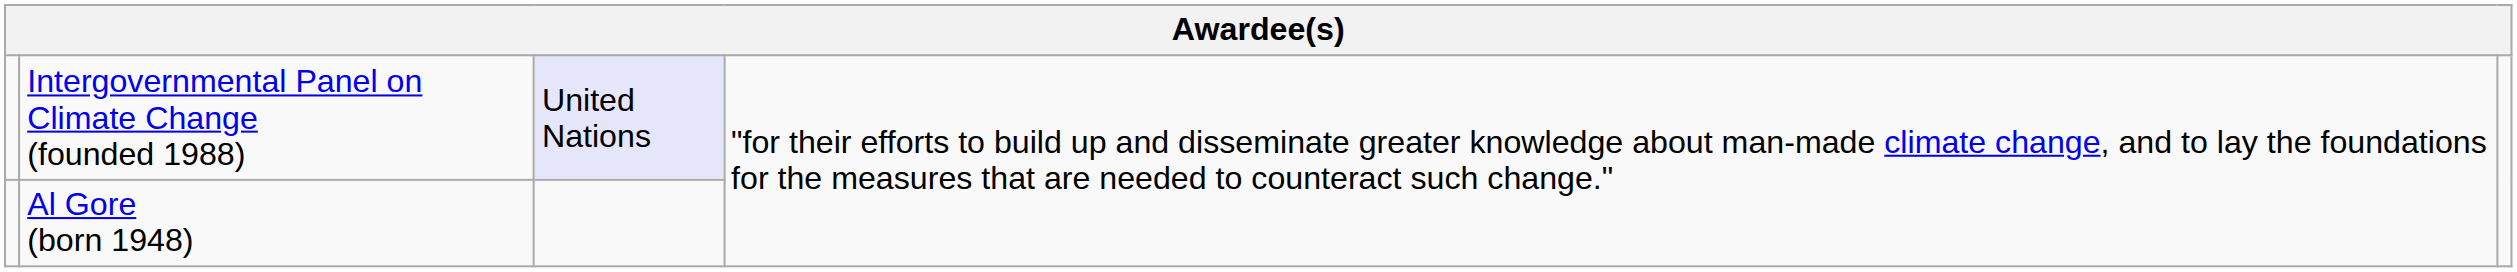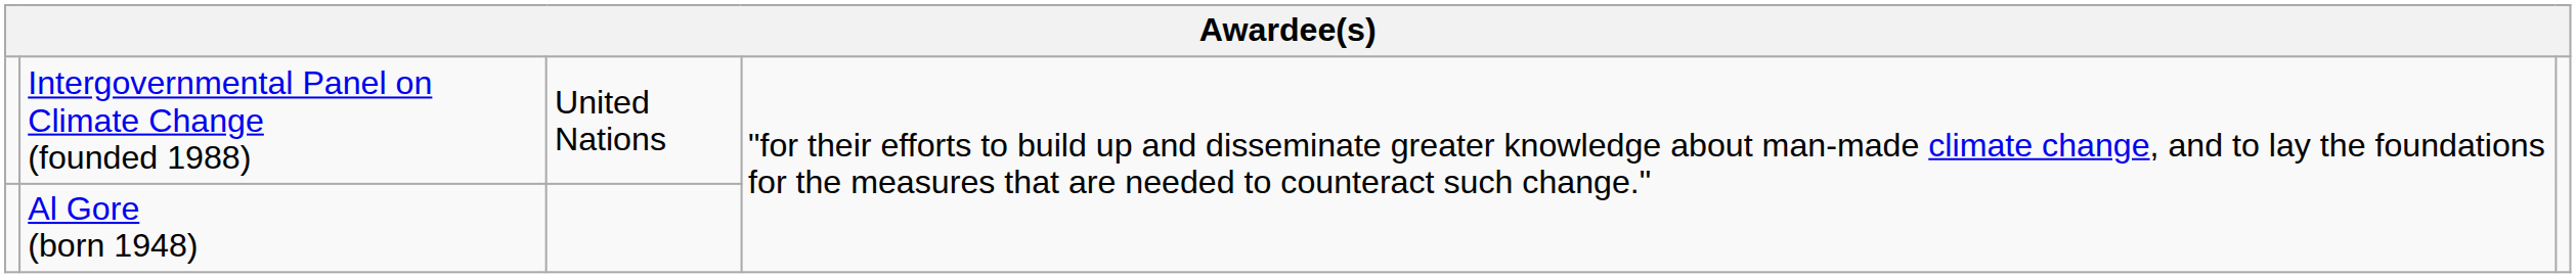 <table class="wikitable">
 <tr>
 <th colspan="5">Awardee(s)</th>
 </tr>
 <tr>
 <td></td>
 <td><a href='#'>Intergovernmental Panel on Climate Change</a><br>(founded 1988)</td>
-<td style="background: lavender;">United Nations</td>
+<td>United Nations</td>
 <td rowspan="2">"for their efforts to build up and disseminate greater knowledge about man-made <a href='#'>climate change</a>, and to lay the foundations for the measures that are needed to counteract such change."</td>
 <td rowspan="2"></td>
 </tr>
 <tr>
 <td></td>
 <td><a href='#'>Al Gore</a><br>(born 1948)</td>
 <td></td>
 </tr>
 </table>
